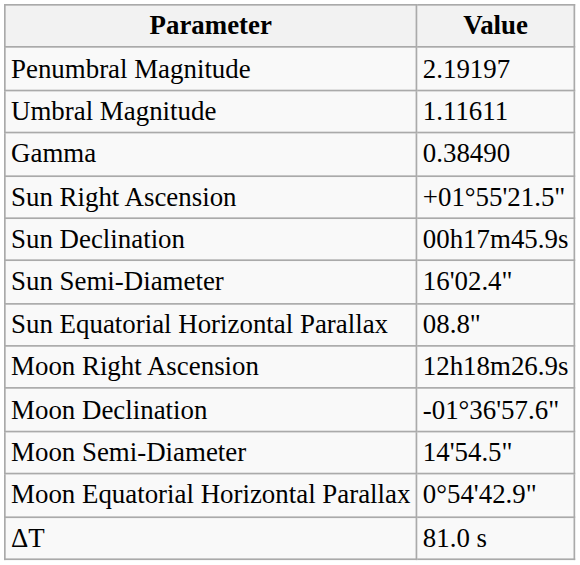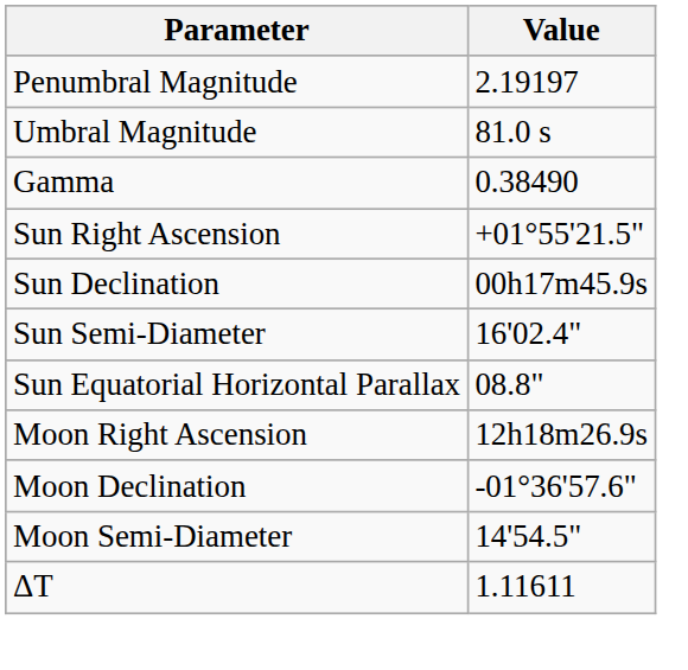 <table class="wikitable">
 <tr>
 <th>Parameter</th>
 <th>Value</th>
 </tr>
 <tr>
 <td>Penumbral Magnitude</td>
 <td>2.19197</td>
 </tr>
 <tr>
 <td>Umbral Magnitude</td>
-<td>1.11611</td>
+<td>81.0 s</td>
 </tr>
 <tr>
 <td>Gamma</td>
 <td>0.38490</td>
 </tr>
 <tr>
 <td>Sun Right Ascension</td>
 <td>+01°55'21.5"</td>
 </tr>
 <tr>
 <td>Sun Declination</td>
 <td>00h17m45.9s</td>
 </tr>
 <tr>
 <td>Sun Semi-Diameter</td>
 <td>16'02.4"</td>
 </tr>
 <tr>
 <td>Sun Equatorial Horizontal Parallax</td>
 <td>08.8"</td>
 </tr>
 <tr>
 <td>Moon Right Ascension</td>
 <td>12h18m26.9s</td>
 </tr>
 <tr>
 <td>Moon Declination</td>
 <td>-01°36'57.6"</td>
 </tr>
 <tr>
 <td>Moon Semi-Diameter</td>
 <td>14'54.5"</td>
 </tr>
 <tr>
-<td>Moon Equatorial Horizontal Parallax</td>
-<td>0°54'42.9"</td>
-</tr>
-<tr>
 <td>ΔT</td>
-<td>81.0 s</td>
+<td>1.11611</td>
 </tr>
 </table>
